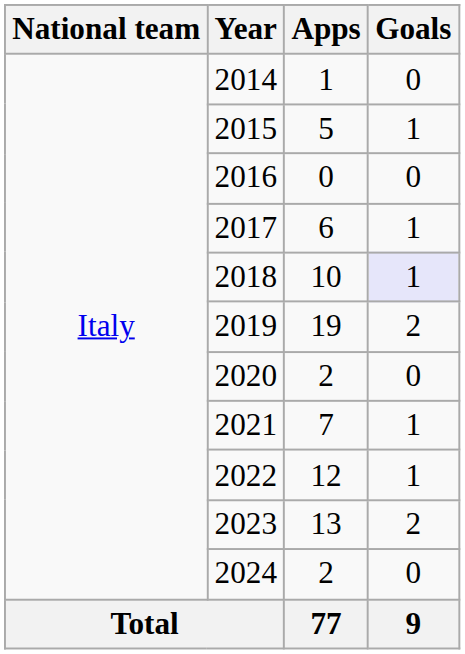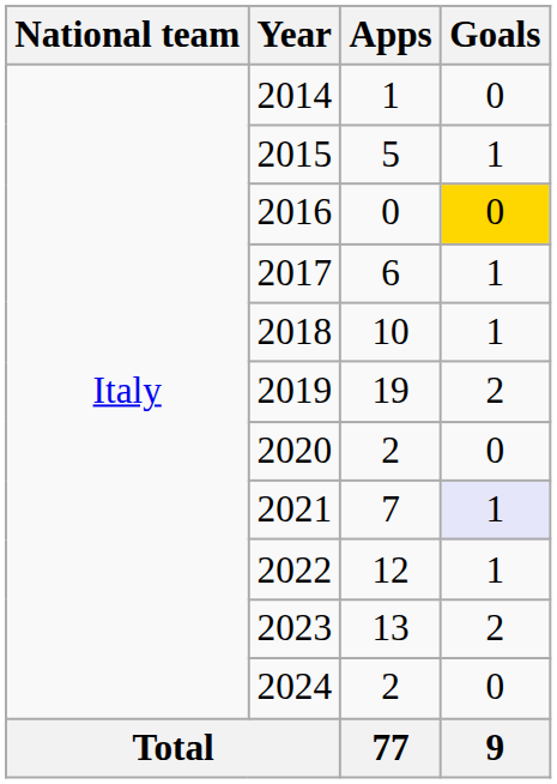 <table class="wikitable" style="text-align:center">
 <tr>
 <th>National team</th>
 <th>Year</th>
 <th>Apps</th>
 <th>Goals</th>
 </tr>
 <tr>
 <td rowspan="11"><a href='#'>Italy</a></td>
 <td>2014</td>
 <td>1</td>
 <td>0</td>
 </tr>
 <tr>
 <td>2015</td>
 <td>5</td>
 <td>1</td>
 </tr>
 <tr>
 <td>2016</td>
 <td>0</td>
-<td>0</td>
+<td style="background: gold;">0</td>
 </tr>
 <tr>
 <td>2017</td>
 <td>6</td>
 <td>1</td>
 </tr>
 <tr>
 <td>2018</td>
 <td>10</td>
-<td style="background: lavender;">1</td>
+<td>1</td>
 </tr>
 <tr>
 <td>2019</td>
 <td>19</td>
 <td>2</td>
 </tr>
 <tr>
 <td>2020</td>
 <td>2</td>
 <td>0</td>
 </tr>
 <tr>
 <td>2021</td>
 <td>7</td>
-<td>1</td>
+<td style="background: lavender;">1</td>
 </tr>
 <tr>
 <td>2022</td>
 <td>12</td>
 <td>1</td>
 </tr>
 <tr>
 <td>2023</td>
 <td>13</td>
 <td>2</td>
 </tr>
 <tr>
 <td>2024</td>
 <td>2</td>
 <td>0</td>
 </tr>
 <tr>
 <th colspan="2">Total</th>
 <th>77</th>
 <th>9</th>
 </tr>
 </table>
